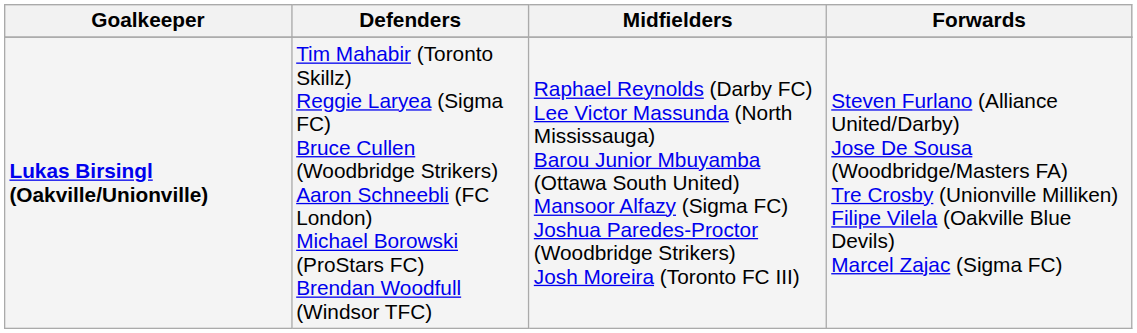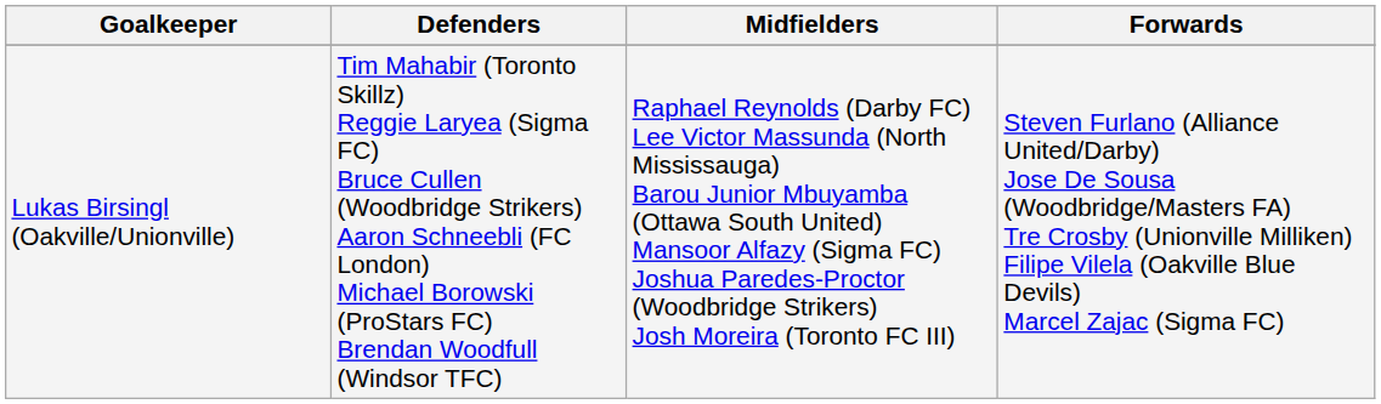 <table class="wikitable">
 <tr style="background:#cccccc;">
 <th>Goalkeeper</th>
 <th>Defenders</th>
 <th>Midfielders</th>
 <th>Forwards</th>
 </tr>
 <tr>
 </tr>
 <tr style="background:#f4f4f4;">
-<td><strong><a href='#'>Lukas Birsingl</a> (Oakville/Unionville)</strong></td>
+<td><a href='#'>Lukas Birsingl</a> (Oakville/Unionville)</td>
 <td><a href='#'>Tim Mahabir</a> (Toronto Skillz)<br><a href='#'>Reggie Laryea</a> (Sigma FC)<br><a href='#'>Bruce Cullen</a> (Woodbridge Strikers)<br><a href='#'>Aaron Schneebli</a> (FC London)<br><a href='#'>Michael Borowski</a> (ProStars FC)<br><a href='#'>Brendan Woodfull</a> (Windsor TFC)</td>
 <td><a href='#'>Raphael Reynolds</a> (Darby FC)<br><a href='#'>Lee Victor Massunda</a> (North Mississauga)<br><a href='#'>Barou Junior Mbuyamba</a> (Ottawa South United)<br><a href='#'>Mansoor Alfazy</a> (Sigma FC)<br><a href='#'>Joshua Paredes-Proctor</a> (Woodbridge Strikers)<br><a href='#'>Josh Moreira</a> (Toronto FC III)</td>
 <td><a href='#'>Steven Furlano</a> (Alliance United/Darby)<br><a href='#'>Jose De Sousa</a> (Woodbridge/Masters FA)<br><a href='#'>Tre Crosby</a> (Unionville Milliken)<br><a href='#'>Filipe Vilela</a> (Oakville Blue Devils)<br><a href='#'>Marcel Zajac</a> (Sigma FC)</td>
 </tr>
 </table>
